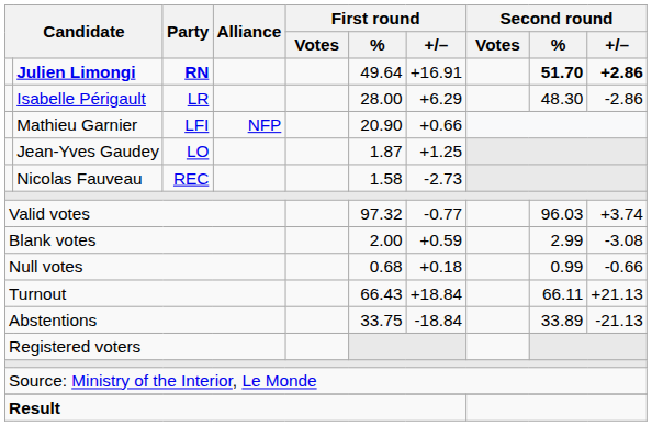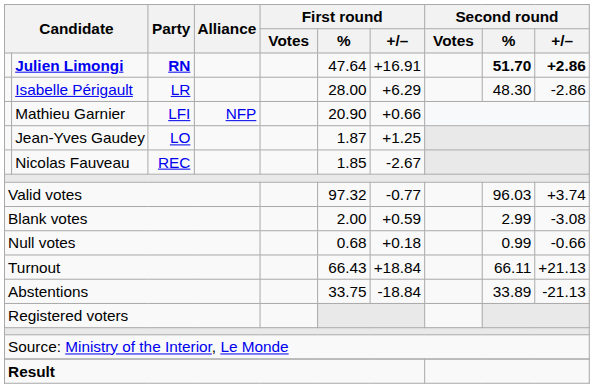 <table class="wikitable" style="text-align:right;font-size:95%;">
 <tr>
 <th rowspan="2" colspan="2">Candidate</th>
 <th rowspan="2">Party</th>
 <th rowspan="2">Alliance</th>
 <th colspan="3">First round</th>
 <th colspan="3">Second round</th>
 </tr>
 <tr>
 <th style="width:50px;">Votes</th>
 <th style="width:45px;">%</th>
 <th style="width:45px;">+/–</th>
 <th style="width:50px;">Votes</th>
 <th style="width:45px;">%</th>
 <th style="width:45px;">+/–</th>
 </tr>
 <tr>
 <td style="color:inherit;background:"></td>
 <td style="text-align:left;"><strong><a href='#'>Julien Limongi</a></strong></td>
 <td><a href='#'><strong>RN</strong></a></td>
 <td></td>
 <td></td>
-<td>49.64</td>
+<td>47.64</td>
 <td>+16.91</td>
 <td><strong></strong></td>
 <td><strong>51.70</strong></td>
 <td><strong>+2.86</strong></td>
 </tr>
 <tr>
 <td style="color:inherit;background:"></td>
 <td style="text-align:left;"><a href='#'>Isabelle Périgault</a></td>
 <td><a href='#'>LR</a></td>
 <td></td>
 <td></td>
 <td>28.00</td>
 <td>+6.29</td>
 <td></td>
 <td>48.30</td>
 <td>-2.86</td>
 </tr>
 <tr>
 <td style="color:inherit;background:"></td>
 <td style="text-align:left;">Mathieu Garnier</td>
 <td><a href='#'>LFI</a></td>
 <td><a href='#'>NFP</a></td>
 <td></td>
 <td>20.90</td>
 <td>+0.66</td>
 <td colspan="3" style="background:#F8F9FA;"></td>
 </tr>
 <tr>
 <td style="color:inherit;background:"></td>
 <td style="text-align:left;">Jean-Yves Gaudey</td>
 <td><a href='#'>LO</a></td>
 <td></td>
 <td></td>
 <td>1.87</td>
 <td>+1.25</td>
 <td colspan="3" style="background:#E9E9E9;"></td>
 </tr>
 <tr>
 <td style="color:inherit;background:"></td>
 <td style="text-align:left;">Nicolas Fauveau</td>
 <td><a href='#'>REC</a></td>
 <td></td>
 <td></td>
-<td>1.58</td>
-<td>-2.73</td>
+<td>1.85</td>
+<td>-2.67</td>
 <td colspan="3" style="background:#E9E9E9;"></td>
 </tr>
 <tr>
 <td colspan="10" style="background:#E9E9E9;"></td>
 </tr>
 <tr>
 <td colspan="4" style="text-align:left;">Valid votes</td>
 <td></td>
 <td>97.32</td>
 <td>-0.77</td>
 <td></td>
 <td>96.03</td>
 <td>+3.74</td>
 </tr>
 <tr>
 <td colspan="4" style="text-align:left;">Blank votes</td>
 <td></td>
 <td>2.00</td>
 <td>+0.59</td>
 <td></td>
 <td>2.99</td>
 <td>-3.08</td>
 </tr>
 <tr>
 <td colspan="4" style="text-align:left;">Null votes</td>
 <td></td>
 <td>0.68</td>
 <td>+0.18</td>
 <td></td>
 <td>0.99</td>
 <td>-0.66</td>
 </tr>
 <tr>
 <td colspan="4" style="text-align:left;">Turnout</td>
 <td></td>
 <td>66.43</td>
 <td>+18.84</td>
 <td></td>
 <td>66.11</td>
 <td>+21.13</td>
 </tr>
 <tr>
 <td colspan="4" style="text-align:left;">Abstentions</td>
 <td></td>
 <td>33.75</td>
 <td>-18.84</td>
 <td></td>
 <td>33.89</td>
 <td>-21.13</td>
 </tr>
 <tr>
 <td colspan="4" style="text-align:left;">Registered voters</td>
 <td></td>
 <td colspan="2" style="background:#E9E9E9;"></td>
 <td></td>
 <td colspan="2" style="background:#E9E9E9;"></td>
 </tr>
 <tr>
 <td colspan="10" style="background:#E9E9E9;"></td>
 </tr>
 <tr>
 <td colspan="10" style="text-align:left;">Source: <a href='#'>Ministry of the Interior</a>, <a href='#'>Le Monde</a></td>
 </tr>
 <tr>
 </tr>
 <tr style="font-weight:bold">
 <td colspan="7" style="text-align:left;">Result</td>
 <td colspan="7" style="background-color:"></td>
 </tr>
 </table>
